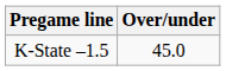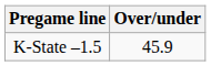 <table class="wikitable" style="margin-left: auto; margin-right: auto; border: none; display: inline-table;">
 <tr align="center">
 <th style=>Pregame line</th>
 <th style=>Over/under</th>
 </tr>
 <tr align="center">
 <td>K-State –1.5</td>
-<td>45.0</td>
+<td>45.9</td>
 </tr>
 </table>
